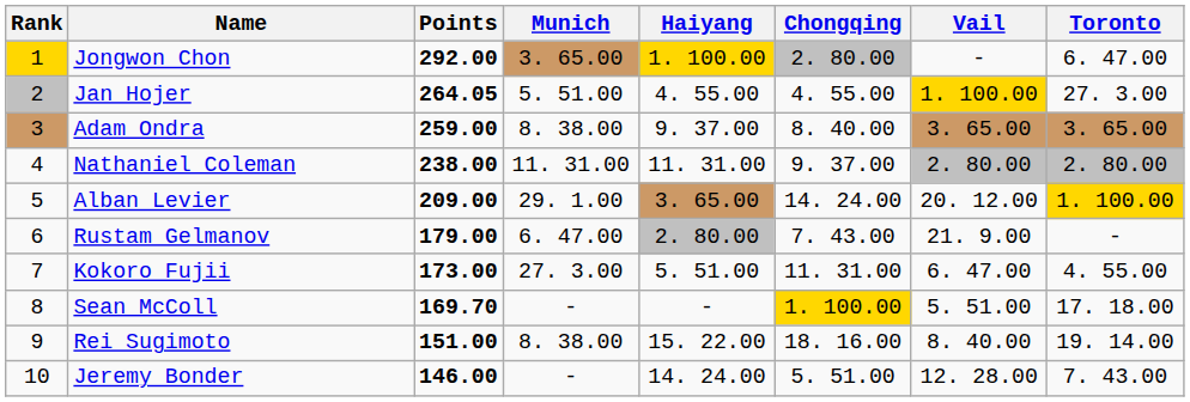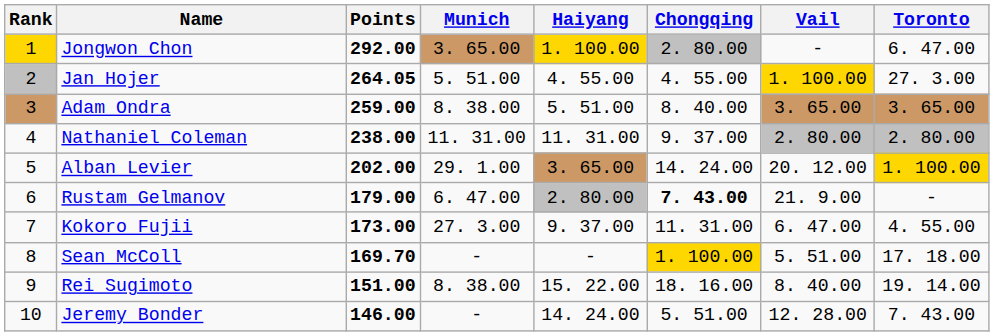 <table class="wikitable sortable">
 <tr>
 <th>Rank</th>
 <th width = "200">Name</th>
 <th>Points</th>
 <th width = "75" data-sort-type="number"><a href='#'>Munich</a></th>
 <th width = "75" data-sort-type="number"><a href='#'>Haiyang</a></th>
 <th width = "75" data-sort-type="number"><a href='#'>Chongqing</a></th>
 <th width = "75" data-sort-type="number"><a href='#'>Vail</a></th>
 <th width = "75" data-sort-type="number"><a href='#'>Toronto</a></th>
 </tr>
 <tr>
 <td align="center" style="background: gold">1</td>
 <td> <a href='#'>Jongwon Chon</a></td>
 <td align="center"><strong>292.00</strong></td>
 <td align="center" style="background: #cc9966">3. 65.00</td>
 <td align="center" style="background: gold">1. 100.00</td>
 <td align="center" style="background: silver">2. 80.00</td>
 <td align="center">-</td>
 <td align="center">6. 47.00</td>
 </tr>
 <tr>
 <td align="center" style="background: silver">2</td>
 <td> <a href='#'>Jan Hojer</a></td>
 <td align="center"><strong>264.05</strong></td>
 <td align="center">5. 51.00</td>
 <td align="center">4. 55.00</td>
 <td align="center">4. 55.00</td>
 <td align="center" style="background: gold">1. 100.00</td>
 <td align="center">27. 3.00</td>
 </tr>
 <tr>
 <td align="center" style="background: #cc9966">3</td>
 <td> <a href='#'>Adam Ondra</a></td>
 <td align="center"><strong>259.00</strong></td>
 <td align="center">8. 38.00</td>
-<td align="center">9. 37.00</td>
+<td align="center">5. 51.00</td>
 <td align="center">8. 40.00</td>
 <td align="center" style="background: #cc9966">3. 65.00</td>
 <td align="center" style="background: #cc9966">3. 65.00</td>
 </tr>
 <tr>
 <td align="center">4</td>
 <td> <a href='#'>Nathaniel Coleman</a></td>
 <td align="center"><strong>238.00</strong></td>
 <td align="center">11. 31.00</td>
 <td align="center">11. 31.00</td>
 <td align="center">9. 37.00</td>
 <td align="center" style="background: silver">2. 80.00</td>
 <td align="center" style="background: silver">2. 80.00</td>
 </tr>
 <tr>
 <td align="center">5</td>
 <td> <a href='#'>Alban Levier</a></td>
-<td align="center"><strong>209.00</strong></td>
+<td align="center"><strong>202.00</strong></td>
 <td align="center">29. 1.00</td>
 <td align="center" style="background: #cc9966">3. 65.00</td>
 <td align="center">14. 24.00</td>
 <td align="center">20. 12.00</td>
 <td align="center" style="background: gold">1. 100.00</td>
 </tr>
 <tr>
 <td align="center">6</td>
 <td> <a href='#'>Rustam Gelmanov</a></td>
 <td align="center"><strong>179.00</strong></td>
 <td align="center">6. 47.00</td>
 <td align="center" style="background: silver">2. 80.00</td>
-<td align="center">7. 43.00</td>
+<td align="center"><strong>7. 43.00</strong></td>
 <td align="center">21. 9.00</td>
 <td align="center">-</td>
 </tr>
 <tr>
 <td align="center">7</td>
 <td> <a href='#'>Kokoro Fujii</a></td>
 <td align="center"><strong>173.00</strong></td>
 <td align="center">27. 3.00</td>
-<td align="center">5. 51.00</td>
+<td align="center">9. 37.00</td>
 <td align="center">11. 31.00</td>
 <td align="center">6. 47.00</td>
 <td align="center">4. 55.00</td>
 </tr>
 <tr>
 <td align="center">8</td>
 <td> <a href='#'>Sean McColl</a></td>
 <td align="center"><strong>169.70</strong></td>
 <td align="center">-</td>
 <td align="center">-</td>
 <td align="center" style="background: gold">1. 100.00</td>
 <td align="center">5. 51.00</td>
 <td align="center">17. 18.00</td>
 </tr>
 <tr>
 <td align="center">9</td>
 <td> <a href='#'>Rei Sugimoto</a></td>
 <td align="center"><strong>151.00</strong></td>
 <td align="center">8. 38.00</td>
 <td align="center">15. 22.00</td>
 <td align="center">18. 16.00</td>
 <td align="center">8. 40.00</td>
 <td align="center">19. 14.00</td>
 </tr>
 <tr>
 <td align="center">10</td>
 <td> <a href='#'>Jeremy Bonder</a></td>
 <td align="center"><strong>146.00</strong></td>
 <td align="center">-</td>
 <td align="center">14. 24.00</td>
 <td align="center">5. 51.00</td>
 <td align="center">12. 28.00</td>
 <td align="center">7. 43.00</td>
 </tr>
 </table>
